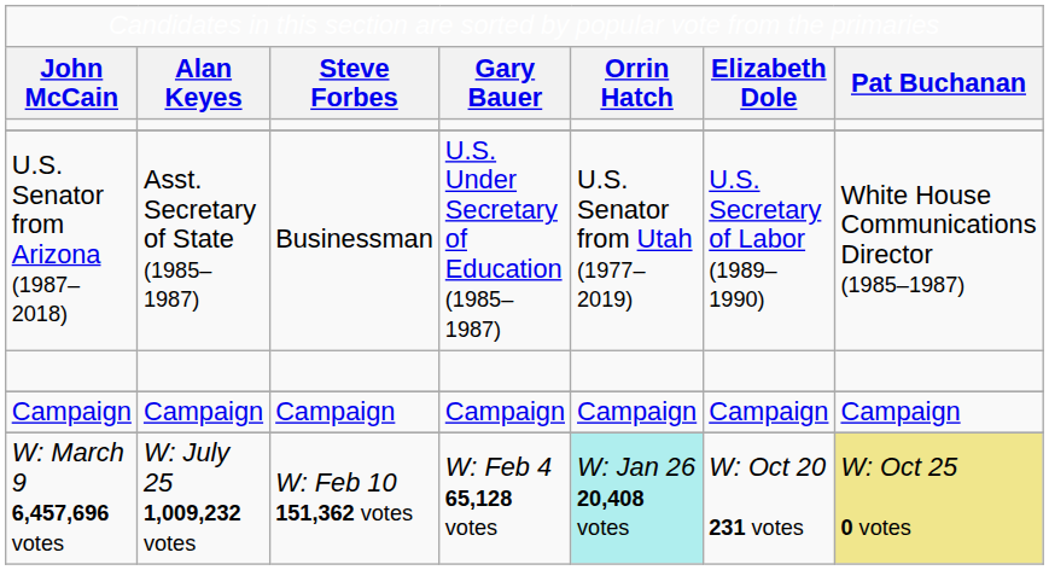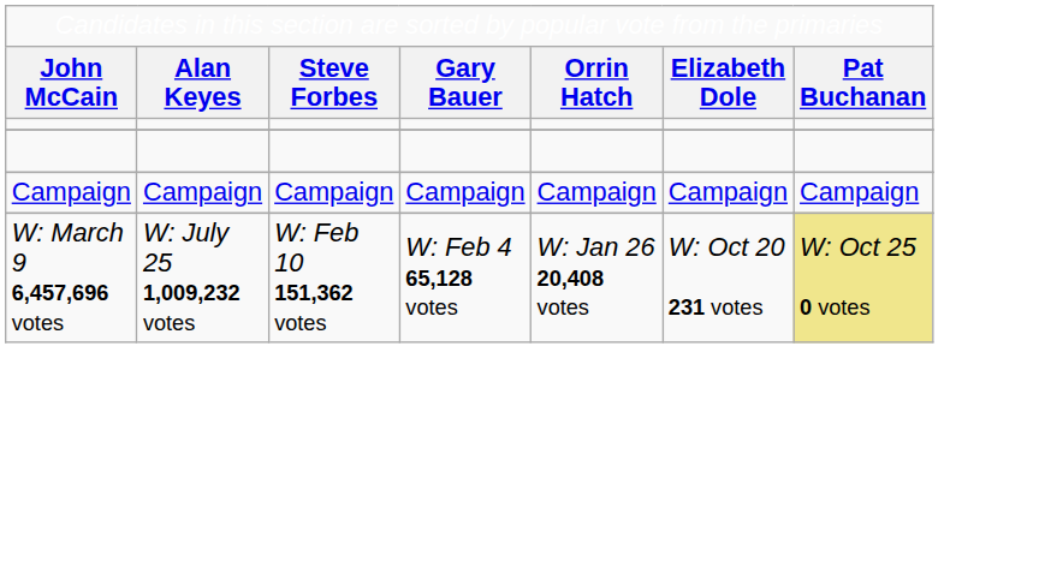 <table class="wikitable mw-collapsible mw-collapsed">
 <tr>
 <td colspan="7" style="text-align:center; color:white; background:"><em>Candidates in this section are sorted by popular vote from the primaries</em></td>
 </tr>
 <tr>
 <th scope="col" style="width:3em;"><a href='#'>John McCain</a></th>
 <th scope="col" style="width:3em;"><a href='#'>Alan Keyes</a></th>
 <th scope="col" style="width:3em;"><a href='#'>Steve Forbes</a></th>
 <th scope="col" style="width:3em;"><a href='#'>Gary Bauer</a></th>
 <th scope="col" style="width:3em;"><a href='#'>Orrin Hatch</a></th>
 <th scope="col" style="width:3em;"><a href='#'>Elizabeth Dole</a></th>
 <th scope="col" style="width:3em;"><a href='#'>Pat Buchanan</a></th>
 </tr>
 <tr>
 <td></td>
 <td></td>
 <td></td>
 <td></td>
 <td></td>
 <td></td>
 <td></td>
 </tr>
 <tr style="text-align:center">
-</tr>
-<tr>
-<td>U.S. Senator<br>from <a href='#'>Arizona</a><br><small>(1987–2018)</small></td>
-<td>Asst. Secretary of State<br><small>(1985–1987)</small></td>
-<td>Businessman</td>
-<td><a href='#'>U.S. Under Secretary of Education</a><br><small>(1985–1987)</small></td>
-<td>U.S. Senator<br>from <a href='#'>Utah</a><br><small>(1977–2019)</small></td>
-<td><a href='#'>U.S. Secretary of Labor</a><br><small>(1989–1990)</small></td>
-<td>White House Communications Director<br><small>(1985–1987)</small></td>
 </tr>
 <tr>
 <td></td>
 <td><br></td>
 <td></td>
 <td></td>
 <td></td>
 <td></td>
 <td></td>
 </tr>
 <tr style="text-align:center">
 </tr>
 <tr>
 <td><a href='#'>Campaign</a></td>
 <td><a href='#'>Campaign</a></td>
 <td><a href='#'>Campaign</a></td>
 <td><a href='#'>Campaign</a></td>
 <td><a href='#'>Campaign</a></td>
 <td><a href='#'>Campaign</a></td>
 <td><a href='#'>Campaign</a></td>
 </tr>
 <tr style="text-align:center">
 </tr>
 <tr>
 <td><em>W: March 9</em><br><small><strong>6,457,696</strong> votes</small></td>
 <td><em>W: July 25</em><br><small><strong>1,009,232</strong> votes</small></td>
 <td><em>W: Feb 10</em><br><small><strong>151,362</strong> votes</small></td>
 <td><em>W: Feb 4</em><br><small><strong>65,128</strong> votes</small></td>
-<td style="background: paleturquoise;"><em>W: Jan 26</em><br><small><strong>20,408</strong> votes</small></td>
+<td><em>W: Jan 26</em><br><small><strong>20,408</strong> votes</small></td>
 <td><em>W: Oct 20</em><br><br><small><strong>231</strong> votes</small></td>
 <td style="background: khaki;"><em>W: Oct 25</em><br><br><small><strong>0</strong> votes</small></td>
 </tr>
 </table>
